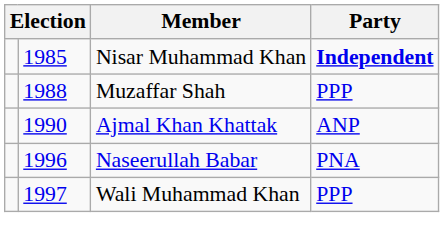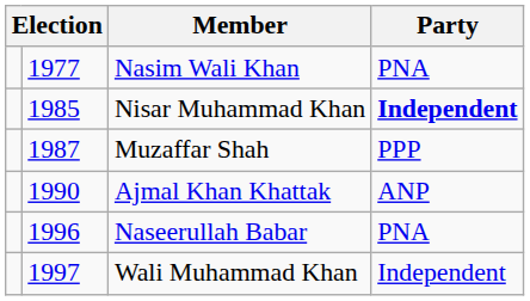 <table class="wikitable">
 <tr>
 <th colspan="2">Election</th>
 <th>Member</th>
 <th>Party</th>
+</tr>
+<tr>
+<td style="background-color: "></td>
+<td><a href='#'>1977</a></td>
+<td><a href='#'>Nasim Wali Khan</a></td>
+<td><a href='#'>PNA</a></td>
 </tr>
 <tr>
 <td style="background-color: "></td>
 <td><a href='#'>1985</a></td>
 <td>Nisar Muhammad Khan</td>
 <td><strong><a href='#'>Independent</a></strong></td>
 </tr>
 <tr>
 <td style="background-color: "></td>
-<td><a href='#'>1988</a></td>
+<td><a href='#'>1987</a></td>
 <td>Muzaffar Shah</td>
 <td><a href='#'>PPP</a></td>
 </tr>
 <tr>
 <td style="background-color: "></td>
 <td><a href='#'>1990</a></td>
 <td><a href='#'>Ajmal Khan Khattak</a></td>
 <td><a href='#'>ANP</a></td>
 </tr>
 <tr>
 <td style="background-color: "></td>
 <td><a href='#'>1996</a></td>
 <td><a href='#'>Naseerullah Babar</a></td>
 <td><a href='#'>PNA</a></td>
 </tr>
 <tr>
 <td style="background-color: "></td>
 <td><a href='#'>1997</a></td>
 <td>Wali Muhammad Khan</td>
-<td><a href='#'>PPP</a></td>
+<td><a href='#'>Independent</a></td>
 </tr>
 </table>
